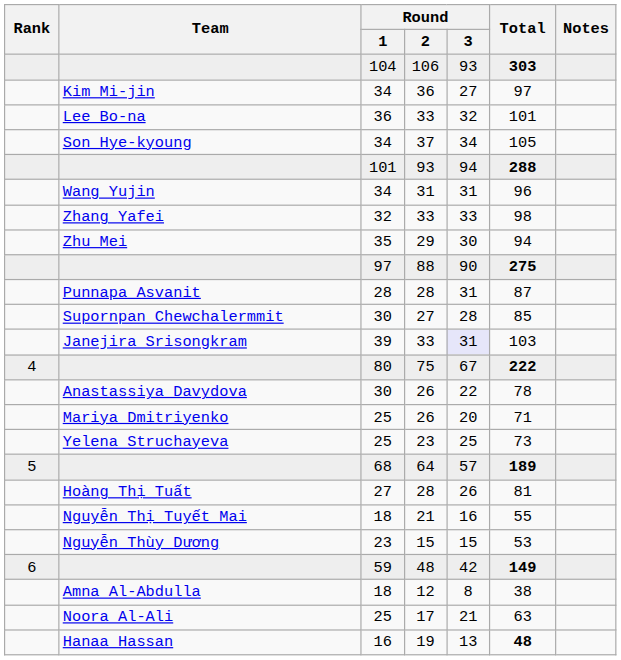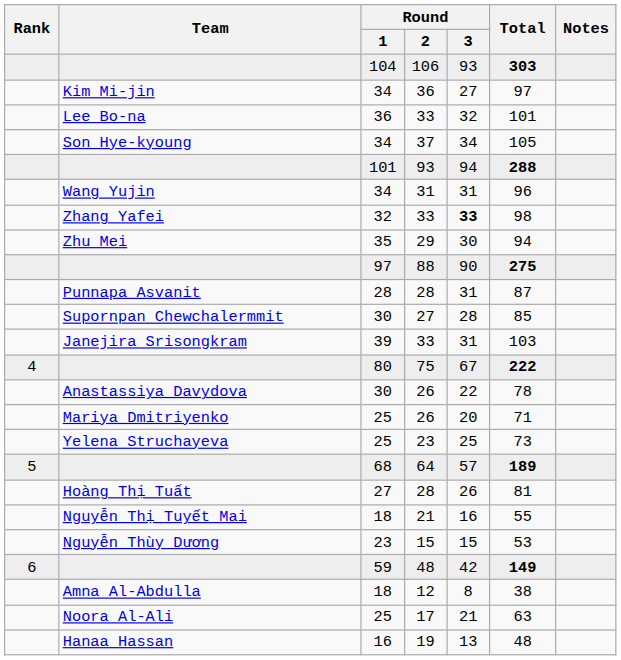 <table class="wikitable" style="text-align:center">
 <tr>
 <th rowspan=2 width=40>Rank</th>
 <th rowspan=2 width=250>Team</th>
 <th colspan=3>Round</th>
 <th rowspan=2 width=50>Total</th>
 <th rowspan=2 width=45>Notes</th>
 </tr>
 <tr>
 <th width=30>1</th>
 <th width=30>2</th>
 <th width=30>3</th>
 </tr>
 <tr bgcolor=eeeeee>
 <td></td>
 <td align=left></td>
 <td>104</td>
 <td>106</td>
 <td>93</td>
 <td><strong>303</strong></td>
 <td></td>
 </tr>
 <tr>
 <td></td>
 <td align=left><a href='#'>Kim Mi-jin</a></td>
 <td>34</td>
 <td>36</td>
 <td>27</td>
 <td>97</td>
 <td></td>
 </tr>
 <tr>
 <td></td>
 <td align=left><a href='#'>Lee Bo-na</a></td>
 <td>36</td>
 <td>33</td>
 <td>32</td>
 <td>101</td>
 <td></td>
 </tr>
 <tr>
 <td></td>
 <td align=left><a href='#'>Son Hye-kyoung</a></td>
 <td>34</td>
 <td>37</td>
 <td>34</td>
 <td>105</td>
 <td></td>
 </tr>
 <tr bgcolor=eeeeee>
 <td></td>
 <td align=left></td>
 <td>101</td>
 <td>93</td>
 <td>94</td>
 <td><strong>288</strong></td>
 <td></td>
 </tr>
 <tr>
 <td></td>
 <td align=left><a href='#'>Wang Yujin</a></td>
 <td>34</td>
 <td>31</td>
 <td>31</td>
 <td>96</td>
 <td></td>
 </tr>
 <tr>
 <td></td>
 <td align=left><a href='#'>Zhang Yafei</a></td>
 <td>32</td>
 <td>33</td>
-<td>33</td>
+<td><strong>33</strong></td>
 <td>98</td>
 <td></td>
 </tr>
 <tr>
 <td></td>
 <td align=left><a href='#'>Zhu Mei</a></td>
 <td>35</td>
 <td>29</td>
 <td>30</td>
 <td>94</td>
 <td></td>
 </tr>
 <tr bgcolor=eeeeee>
 <td></td>
 <td align=left></td>
 <td>97</td>
 <td>88</td>
 <td>90</td>
 <td><strong>275</strong></td>
 <td></td>
 </tr>
 <tr>
 <td></td>
 <td align=left><a href='#'>Punnapa Asvanit</a></td>
 <td>28</td>
 <td>28</td>
 <td>31</td>
 <td>87</td>
 <td></td>
 </tr>
 <tr>
 <td></td>
 <td align=left><a href='#'>Supornpan Chewchalermmit</a></td>
 <td>30</td>
 <td>27</td>
 <td>28</td>
 <td>85</td>
 <td></td>
 </tr>
 <tr>
 <td></td>
 <td align=left><a href='#'>Janejira Srisongkram</a></td>
 <td>39</td>
 <td>33</td>
-<td style="background: lavender;">31</td>
+<td>31</td>
 <td>103</td>
 <td></td>
 </tr>
 <tr bgcolor=eeeeee>
 <td>4</td>
 <td align=left></td>
 <td>80</td>
 <td>75</td>
 <td>67</td>
 <td><strong>222</strong></td>
 <td></td>
 </tr>
 <tr>
 <td></td>
 <td align=left><a href='#'>Anastassiya Davydova</a></td>
 <td>30</td>
 <td>26</td>
 <td>22</td>
 <td>78</td>
 <td></td>
 </tr>
 <tr>
 <td></td>
 <td align=left><a href='#'>Mariya Dmitriyenko</a></td>
 <td>25</td>
 <td>26</td>
 <td>20</td>
 <td>71</td>
 <td></td>
 </tr>
 <tr>
 <td></td>
 <td align=left><a href='#'>Yelena Struchayeva</a></td>
 <td>25</td>
 <td>23</td>
 <td>25</td>
 <td>73</td>
 <td></td>
 </tr>
 <tr bgcolor=eeeeee>
 <td>5</td>
 <td align=left></td>
 <td>68</td>
 <td>64</td>
 <td>57</td>
 <td><strong>189</strong></td>
 <td></td>
 </tr>
 <tr>
 <td></td>
 <td align=left><a href='#'>Hoàng Thị Tuất</a></td>
 <td>27</td>
 <td>28</td>
 <td>26</td>
 <td>81</td>
 <td></td>
 </tr>
 <tr>
 <td></td>
 <td align=left><a href='#'>Nguyễn Thị Tuyết Mai</a></td>
 <td>18</td>
 <td>21</td>
 <td>16</td>
 <td>55</td>
 <td></td>
 </tr>
 <tr>
 <td></td>
 <td align=left><a href='#'>Nguyễn Thùy Dương</a></td>
 <td>23</td>
 <td>15</td>
 <td>15</td>
 <td>53</td>
 <td></td>
 </tr>
 <tr bgcolor=eeeeee>
 <td>6</td>
 <td align=left></td>
 <td>59</td>
 <td>48</td>
 <td>42</td>
 <td><strong>149</strong></td>
 <td></td>
 </tr>
 <tr>
 <td></td>
 <td align=left><a href='#'>Amna Al-Abdulla</a></td>
 <td>18</td>
 <td>12</td>
 <td>8</td>
 <td>38</td>
 <td></td>
 </tr>
 <tr>
 <td></td>
 <td align=left><a href='#'>Noora Al-Ali</a></td>
 <td>25</td>
 <td>17</td>
 <td>21</td>
 <td>63</td>
 <td></td>
 </tr>
 <tr>
 <td></td>
 <td align=left><a href='#'>Hanaa Hassan</a></td>
 <td>16</td>
 <td>19</td>
 <td>13</td>
-<td><strong>48</strong></td>
+<td>48</td>
 <td></td>
 </tr>
 </table>
